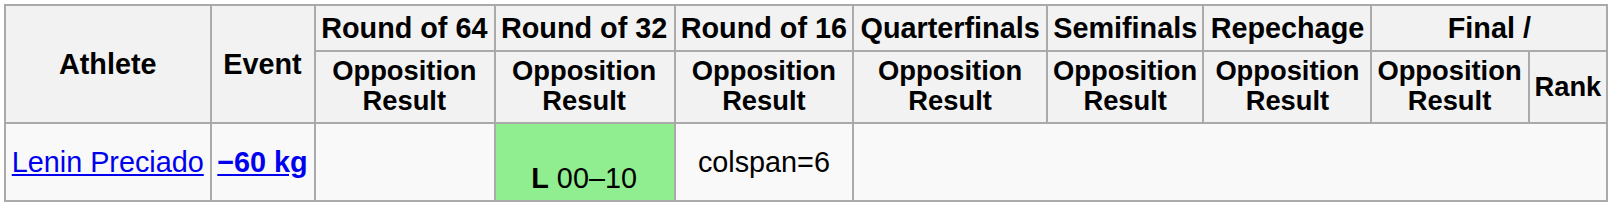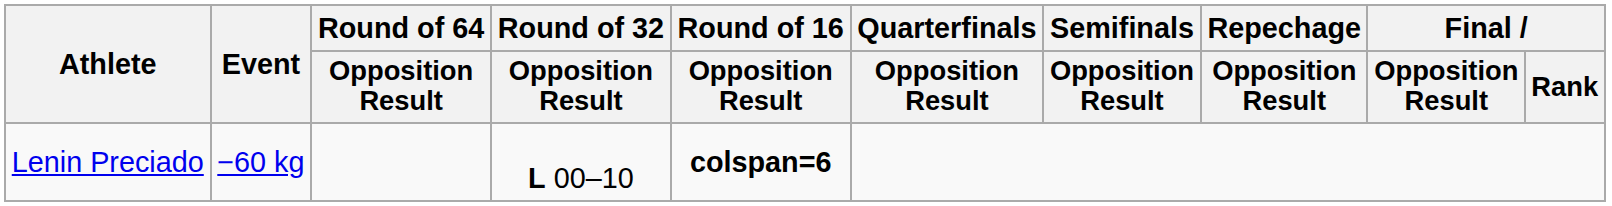 <table class=wikitable style="font-size:90%; text-align:center">
 <tr>
 <th rowspan=2>Athlete</th>
 <th rowspan=2>Event</th>
 <th>Round of 64</th>
 <th>Round of 32</th>
 <th>Round of 16</th>
 <th>Quarterfinals</th>
 <th>Semifinals</th>
 <th>Repechage</th>
 <th colspan=2>Final / </th>
 </tr>
 <tr style=font-size:95%>
 <th>Opposition<br>Result</th>
 <th>Opposition<br>Result</th>
 <th>Opposition<br>Result</th>
 <th>Opposition<br>Result</th>
 <th>Opposition<br>Result</th>
 <th>Opposition<br>Result</th>
 <th>Opposition<br>Result</th>
 <th>Rank</th>
 </tr>
 <tr align=center>
 <td align=left><a href='#'>Lenin Preciado</a></td>
-<td align=left><strong><a href='#'>−60 kg</a></strong></td>
+<td align=left><a href='#'>−60 kg</a></td>
 <td></td>
-<td style="background: lightgreen;"><br><strong>L</strong> 00–10</td>
-<td>colspan=6 </td>
+<td><br><strong>L</strong> 00–10</td>
+<td><strong>colspan=6 </strong></td>
 </tr>
 </table>
